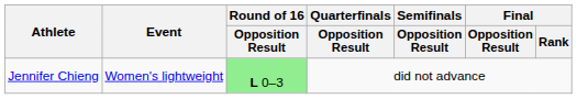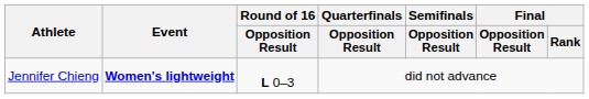 <table class="wikitable" style="font-size:90%">
 <tr>
 <th rowspan="2">Athlete</th>
 <th rowspan="2">Event</th>
 <th>Round of 16</th>
 <th>Quarterfinals</th>
 <th>Semifinals</th>
 <th colspan=2>Final</th>
 </tr>
 <tr style="font-size:95%">
 <th>Opposition<br>Result</th>
 <th>Opposition<br>Result</th>
 <th>Opposition<br>Result</th>
 <th>Opposition<br>Result</th>
 <th>Rank</th>
 </tr>
 <tr align=center>
 <td align=left><a href='#'>Jennifer Chieng</a></td>
-<td align=left><a href='#'>Women's lightweight</a></td>
-<td style="background: lightgreen;"><br><strong>L</strong> 0–3</td>
+<td align=left><strong><a href='#'>Women's lightweight</a></strong></td>
+<td><br><strong>L</strong> 0–3</td>
 <td colspan=4>did not advance</td>
 </tr>
 </table>
